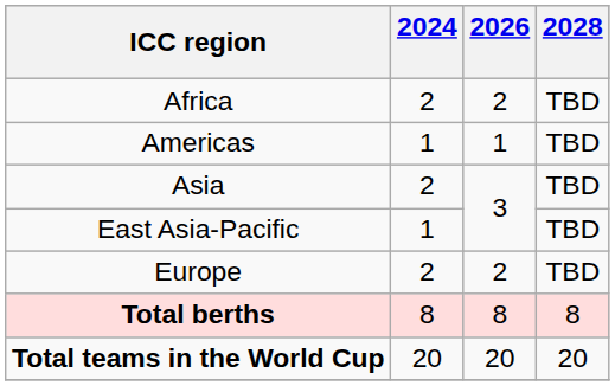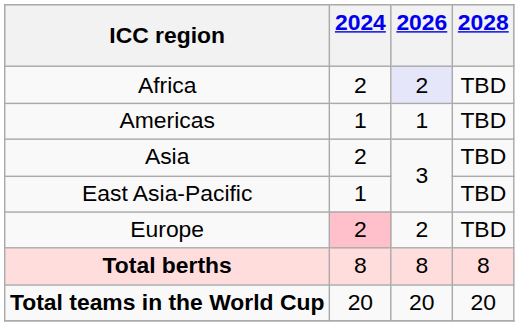 <table class="wikitable">
 <tr style="background:#ccc; text-align:center;">
 <th>ICC region</th>
 <th><a href='#'>2024</a><br><br></th>
 <th><a href='#'>2026</a><br><br></th>
 <th><a href='#'>2028</a><br><br></th>
 </tr>
 <tr style="text-align:center;">
 <td>Africa</td>
 <td>2</td>
-<td>2</td>
+<td style="background: lavender;">2</td>
 <td>TBD</td>
 </tr>
 <tr style="text-align:center;">
 <td>Americas</td>
 <td>1</td>
 <td>1</td>
 <td>TBD</td>
 </tr>
 <tr style="text-align:center;">
 <td>Asia</td>
 <td>2</td>
 <td rowspan="2">3</td>
 <td>TBD</td>
 </tr>
 <tr style="text-align:center;">
 <td>East Asia-Pacific</td>
 <td>1</td>
 <td>TBD</td>
 </tr>
 <tr style="text-align:center;">
 <td>Europe</td>
-<td>2</td>
+<td style="background: pink;">2</td>
 <td>2</td>
 <td>TBD</td>
 </tr>
 <tr style="background:#fdd; text-align:center;">
 <td><strong>Total berths</strong></td>
 <td>8</td>
 <td>8</td>
 <td>8</td>
 </tr>
 <tr style="text-align:center;">
 <td><strong>Total teams in the World Cup</strong></td>
 <td>20</td>
 <td>20</td>
 <td>20</td>
 </tr>
 <tr>
 </tr>
 </table>
